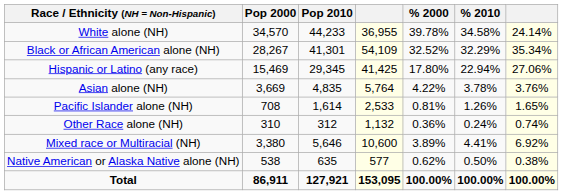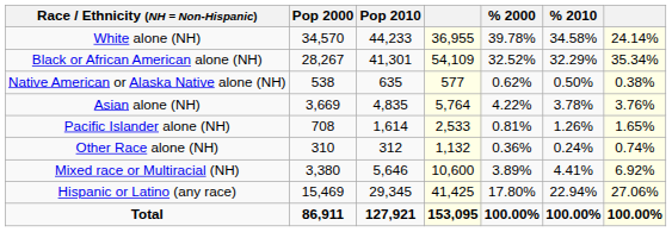 <table class="wikitable" style="text-align:center;">
 <tr>
 <th>Race / Ethnicity <small>(<em>NH = Non-Hispanic</em>)</small></th>
 <th>Pop 2000</th>
 <th>Pop 2010</th>
 <th></th>
 <th>% 2000</th>
 <th>% 2010</th>
 <th></th>
 </tr>
 <tr>
 <td><a href='#'>White</a> alone (NH)</td>
 <td>34,570</td>
 <td>44,233</td>
 <td style='background: #ffffe6;'>36,955</td>
 <td>39.78%</td>
 <td>34.58%</td>
 <td style='background: #ffffe6;'>24.14%</td>
 </tr>
 <tr>
 <td><a href='#'>Black or African American</a> alone (NH)</td>
 <td>28,267</td>
 <td>41,301</td>
 <td style='background: #ffffe6;'>54,109</td>
 <td>32.52%</td>
 <td>32.29%</td>
 <td style='background: #ffffe6;'>35.34%</td>
 </tr>
 <tr>
-<td><a href='#'>Hispanic or Latino</a> (any race)</td>
-<td>15,469</td>
-<td>29,345</td>
-<td style='background: #ffffe6;'>41,425</td>
-<td>17.80%</td>
-<td>22.94%</td>
-<td style='background: #ffffe6;'>27.06%</td>
+<td><a href='#'>Native American</a> or <a href='#'>Alaska Native</a> alone (NH)</td>
+<td>538</td>
+<td>635</td>
+<td style='background: #ffffe6;'>577</td>
+<td>0.62%</td>
+<td>0.50%</td>
+<td style='background: #ffffe6;'>0.38%</td>
 </tr>
 <tr>
 <td><a href='#'>Asian</a> alone (NH)</td>
 <td>3,669</td>
 <td>4,835</td>
 <td style='background: #ffffe6;'>5,764</td>
 <td>4.22%</td>
 <td>3.78%</td>
 <td style='background: #ffffe6;'>3.76%</td>
 </tr>
 <tr>
 <td><a href='#'>Pacific Islander</a> alone (NH)</td>
 <td>708</td>
 <td>1,614</td>
 <td style='background: #ffffe6;'>2,533</td>
 <td>0.81%</td>
 <td>1.26%</td>
 <td style='background: #ffffe6;'>1.65%</td>
 </tr>
 <tr>
 <td><a href='#'>Other Race</a> alone (NH)</td>
 <td>310</td>
 <td>312</td>
 <td style='background: #ffffe6;'>1,132</td>
 <td>0.36%</td>
 <td>0.24%</td>
 <td style='background: #ffffe6;'>0.74%</td>
 </tr>
 <tr>
 <td><a href='#'>Mixed race or Multiracial</a> (NH)</td>
 <td>3,380</td>
 <td>5,646</td>
 <td style='background: #ffffe6;'>10,600</td>
 <td>3.89%</td>
 <td>4.41%</td>
 <td style='background: #ffffe6;'>6.92%</td>
 </tr>
 <tr>
-<td><a href='#'>Native American</a> or <a href='#'>Alaska Native</a> alone (NH)</td>
-<td>538</td>
-<td>635</td>
-<td style='background: #ffffe6;'>577</td>
-<td>0.62%</td>
-<td>0.50%</td>
-<td style='background: #ffffe6;'>0.38%</td>
+<td><a href='#'>Hispanic or Latino</a> (any race)</td>
+<td>15,469</td>
+<td>29,345</td>
+<td style='background: #ffffe6;'>41,425</td>
+<td>17.80%</td>
+<td>22.94%</td>
+<td style='background: #ffffe6;'>27.06%</td>
 </tr>
 <tr>
 <td><strong>Total</strong></td>
 <td><strong>86,911</strong></td>
 <td><strong>127,921</strong></td>
 <td style='background: #ffffe6;'><strong>153,095</strong></td>
 <td><strong>100.00%</strong></td>
 <td><strong>100.00%</strong></td>
 <td style='background: #ffffe6;'><strong>100.00%</strong></td>
 </tr>
 </table>
